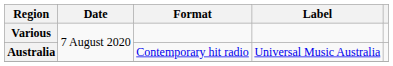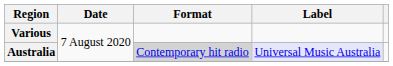 <table class="wikitable plainrowheaders">
 <tr>
 <th>Region</th>
 <th>Date</th>
 <th>Format</th>
 <th>Label</th>
 <th></th>
 </tr>
 <tr>
 <th scope="row">Various</th>
 <td rowspan="2">7 August 2020</td>
 <td></td>
 <td></td>
 <td></td>
 </tr>
 <tr>
 <th scope="row">Australia</th>
-<td><a href='#'>Contemporary hit radio</a></td>
-<td><a href='#'>Universal Music Australia</a></td>
+<td style="background: lightgrey;"><a href='#'>Contemporary hit radio</a></td>
+<td style="background: lavender;"><a href='#'>Universal Music Australia</a></td>
 <td></td>
 </tr>
 <tr>
 </tr>
 </table>
